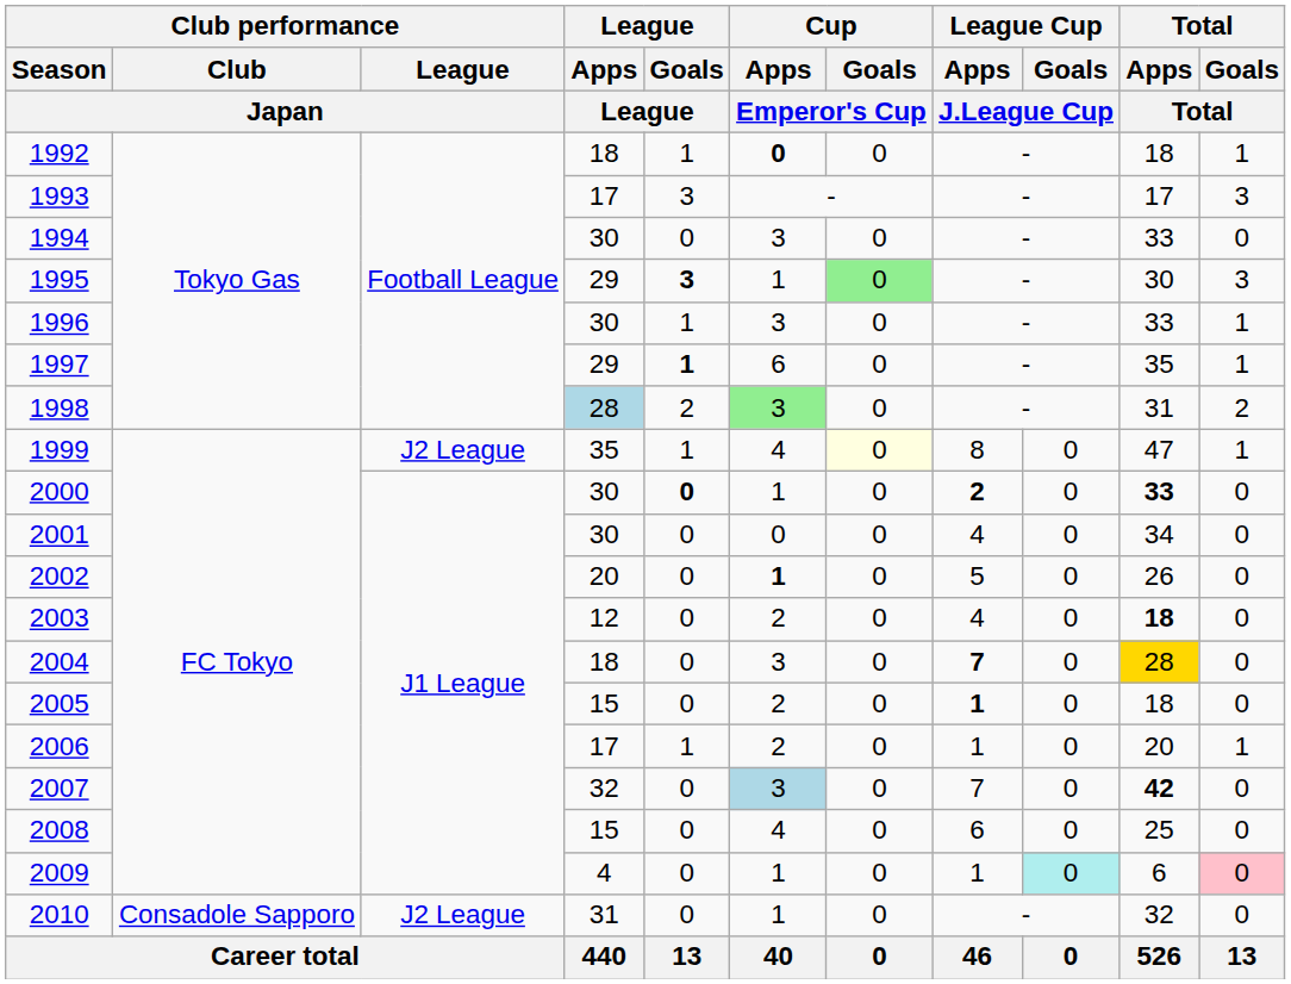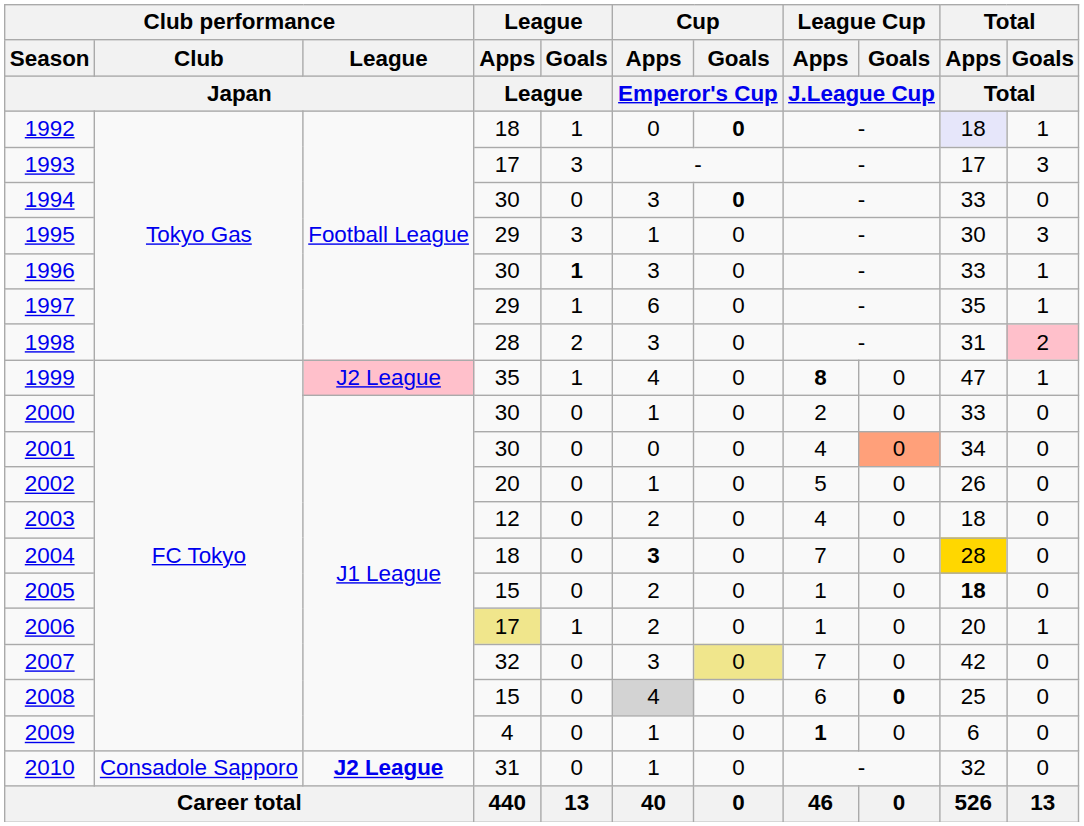 <table class="wikitable" style="text-align:center">
 <tr>
 <th colspan=3>Club performance</th>
 <th colspan=2>League</th>
 <th colspan=2>Cup</th>
 <th colspan=2>League Cup</th>
 <th colspan=2>Total</th>
 </tr>
 <tr>
 <th>Season</th>
 <th>Club</th>
 <th>League</th>
 <th>Apps</th>
 <th>Goals</th>
 <th>Apps</th>
 <th>Goals</th>
 <th>Apps</th>
 <th>Goals</th>
 <th>Apps</th>
 <th>Goals</th>
 </tr>
 <tr>
 <th colspan=3>Japan</th>
 <th colspan=2>League</th>
 <th colspan=2><a href='#'>Emperor's Cup</a></th>
 <th colspan=2><a href='#'>J.League Cup</a></th>
 <th colspan=2>Total</th>
 </tr>
 <tr>
 <td><a href='#'>1992</a></td>
 <td rowspan="7"><a href='#'>Tokyo Gas</a></td>
 <td rowspan="7"><a href='#'>Football League</a></td>
 <td>18</td>
 <td>1</td>
+<td>0</td>
 <td><strong>0</strong></td>
-<td>0</td>
 <td colspan="2">-</td>
-<td>18</td>
+<td style="background: lavender;">18</td>
 <td>1</td>
 </tr>
 <tr>
 <td><a href='#'>1993</a></td>
 <td>17</td>
 <td>3</td>
 <td colspan="2">-</td>
 <td colspan="2">-</td>
 <td>17</td>
 <td>3</td>
 </tr>
 <tr>
 <td><a href='#'>1994</a></td>
 <td>30</td>
 <td>0</td>
 <td>3</td>
-<td>0</td>
+<td><strong>0</strong></td>
 <td colspan="2">-</td>
 <td>33</td>
 <td>0</td>
 </tr>
 <tr>
 <td><a href='#'>1995</a></td>
 <td>29</td>
-<td><strong>3</strong></td>
+<td>3</td>
 <td>1</td>
-<td style="background: lightgreen;">0</td>
+<td>0</td>
 <td colspan="2">-</td>
 <td>30</td>
 <td>3</td>
 </tr>
 <tr>
 <td><a href='#'>1996</a></td>
 <td>30</td>
-<td>1</td>
+<td><strong>1</strong></td>
 <td>3</td>
 <td>0</td>
 <td colspan="2">-</td>
 <td>33</td>
 <td>1</td>
 </tr>
 <tr>
 <td><a href='#'>1997</a></td>
 <td>29</td>
-<td><strong>1</strong></td>
+<td>1</td>
 <td>6</td>
 <td>0</td>
 <td colspan="2">-</td>
 <td>35</td>
 <td>1</td>
 </tr>
 <tr>
 <td><a href='#'>1998</a></td>
-<td style="background: lightblue;">28</td>
+<td>28</td>
 <td>2</td>
-<td style="background: lightgreen;">3</td>
+<td>3</td>
 <td>0</td>
 <td colspan="2">-</td>
 <td>31</td>
-<td>2</td>
+<td style="background: pink;">2</td>
 </tr>
 <tr>
 <td><a href='#'>1999</a></td>
 <td rowspan="11"><a href='#'>FC Tokyo</a></td>
-<td><a href='#'>J2 League</a></td>
+<td style="background: pink;"><a href='#'>J2 League</a></td>
 <td>35</td>
 <td>1</td>
 <td>4</td>
-<td style="background: lightyellow;">0</td>
-<td>8</td>
+<td>0</td>
+<td><strong>8</strong></td>
 <td>0</td>
 <td>47</td>
 <td>1</td>
 </tr>
 <tr>
 <td><a href='#'>2000</a></td>
 <td rowspan="10"><a href='#'>J1 League</a></td>
 <td>30</td>
-<td><strong>0</strong></td>
+<td>0</td>
 <td>1</td>
 <td>0</td>
-<td><strong>2</strong></td>
+<td>2</td>
 <td>0</td>
-<td><strong>33</strong></td>
+<td>33</td>
 <td>0</td>
 </tr>
 <tr>
 <td><a href='#'>2001</a></td>
 <td>30</td>
 <td>0</td>
 <td>0</td>
 <td>0</td>
 <td>4</td>
-<td>0</td>
+<td style="background: lightsalmon;">0</td>
 <td>34</td>
 <td>0</td>
 </tr>
 <tr>
 <td><a href='#'>2002</a></td>
 <td>20</td>
 <td>0</td>
-<td><strong>1</strong></td>
+<td>1</td>
 <td>0</td>
 <td>5</td>
 <td>0</td>
 <td>26</td>
 <td>0</td>
 </tr>
 <tr>
 <td><a href='#'>2003</a></td>
 <td>12</td>
 <td>0</td>
 <td>2</td>
 <td>0</td>
 <td>4</td>
 <td>0</td>
-<td><strong>18</strong></td>
+<td>18</td>
 <td>0</td>
 </tr>
 <tr>
 <td><a href='#'>2004</a></td>
 <td>18</td>
 <td>0</td>
-<td>3</td>
+<td><strong>3</strong></td>
 <td>0</td>
-<td><strong>7</strong></td>
+<td>7</td>
 <td>0</td>
 <td style="background: gold;">28</td>
 <td>0</td>
 </tr>
 <tr>
 <td><a href='#'>2005</a></td>
 <td>15</td>
 <td>0</td>
 <td>2</td>
 <td>0</td>
-<td><strong>1</strong></td>
+<td>1</td>
 <td>0</td>
-<td>18</td>
+<td><strong>18</strong></td>
 <td>0</td>
 </tr>
 <tr>
 <td><a href='#'>2006</a></td>
-<td>17</td>
+<td style="background: khaki;">17</td>
 <td>1</td>
 <td>2</td>
 <td>0</td>
 <td>1</td>
 <td>0</td>
 <td>20</td>
 <td>1</td>
 </tr>
 <tr>
 <td><a href='#'>2007</a></td>
 <td>32</td>
 <td>0</td>
-<td style="background: lightblue;">3</td>
-<td>0</td>
+<td>3</td>
+<td style="background: khaki;">0</td>
 <td>7</td>
 <td>0</td>
-<td><strong>42</strong></td>
+<td>42</td>
 <td>0</td>
 </tr>
 <tr>
 <td><a href='#'>2008</a></td>
 <td>15</td>
 <td>0</td>
-<td>4</td>
+<td style="background: lightgrey;">4</td>
 <td>0</td>
 <td>6</td>
-<td>0</td>
+<td><strong>0</strong></td>
 <td>25</td>
 <td>0</td>
 </tr>
 <tr>
 <td><a href='#'>2009</a></td>
 <td>4</td>
 <td>0</td>
 <td>1</td>
 <td>0</td>
-<td>1</td>
-<td style="background: paleturquoise;">0</td>
+<td><strong>1</strong></td>
+<td>0</td>
 <td>6</td>
-<td style="background: pink;">0</td>
+<td>0</td>
 </tr>
 <tr>
 <td><a href='#'>2010</a></td>
 <td><a href='#'>Consadole Sapporo</a></td>
-<td><a href='#'>J2 League</a></td>
+<td><strong><a href='#'>J2 League</a></strong></td>
 <td>31</td>
 <td>0</td>
 <td>1</td>
 <td>0</td>
 <td colspan="2">-</td>
 <td>32</td>
 <td>0</td>
 </tr>
 <tr>
 <th colspan=3>Career total</th>
 <th>440</th>
 <th>13</th>
 <th>40</th>
 <th>0</th>
 <th>46</th>
 <th>0</th>
 <th>526</th>
 <th>13</th>
 </tr>
 </table>
